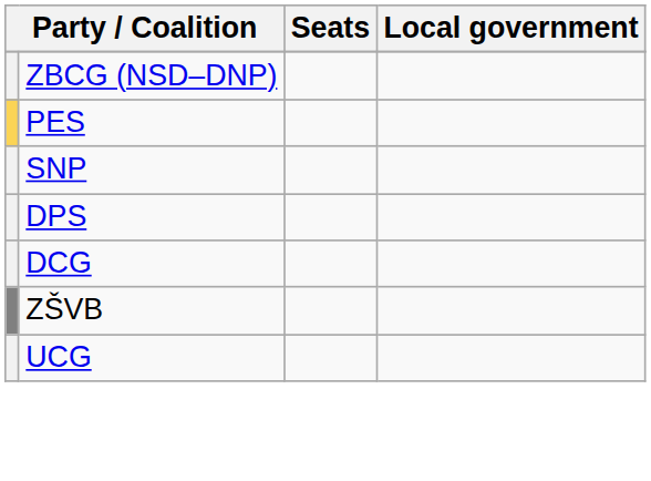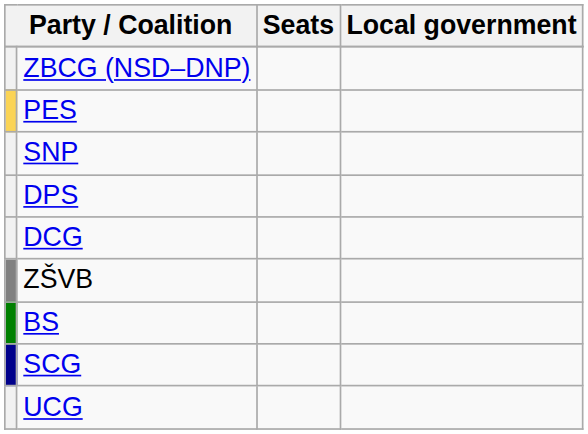 <table class="wikitable" style="text-align:left;">
 <tr>
 <th colspan=2>Party / Coalition</th>
 <th>Seats</th>
 <th>Local government</th>
 </tr>
 <tr>
 </tr>
 <tr>
 <th style="background-color: "></th>
 <td><a href='#'>ZBCG (NSD–DNP)</a></td>
 <td></td>
 <td></td>
 </tr>
 <tr>
 <th style="background-color: #FBD455"></th>
 <td><a href='#'>PES</a></td>
 <td></td>
 <td></td>
 </tr>
 <tr>
 <th style="background-color: "></th>
 <td><a href='#'>SNP</a></td>
 <td></td>
 <td></td>
 </tr>
 <tr>
 <th style="background-color: "></th>
 <td><a href='#'>DPS</a></td>
 <td></td>
 <td></td>
 </tr>
 <tr>
 <th style="background-color: "></th>
 <td><a href='#'>DCG</a></td>
 <td></td>
 <td></td>
 </tr>
 <tr>
 <th style="background-color: gray "></th>
 <td>ZŠVB</td>
 <td></td>
 <td></td>
 </tr>
 <tr>
+<th style="background-color: green"></th>
+<td><a href='#'>BS</a></td>
+<td></td>
+<td></td>
+</tr>
+<tr>
+<th style="background-color: #00008B"></th>
+<td><a href='#'>SCG</a></td>
+<td></td>
+<td></td>
+</tr>
+<tr>
 <th style="background-color: "></th>
 <td><a href='#'>UCG</a></td>
 <td></td>
 <td></td>
 </tr>
 </table>
